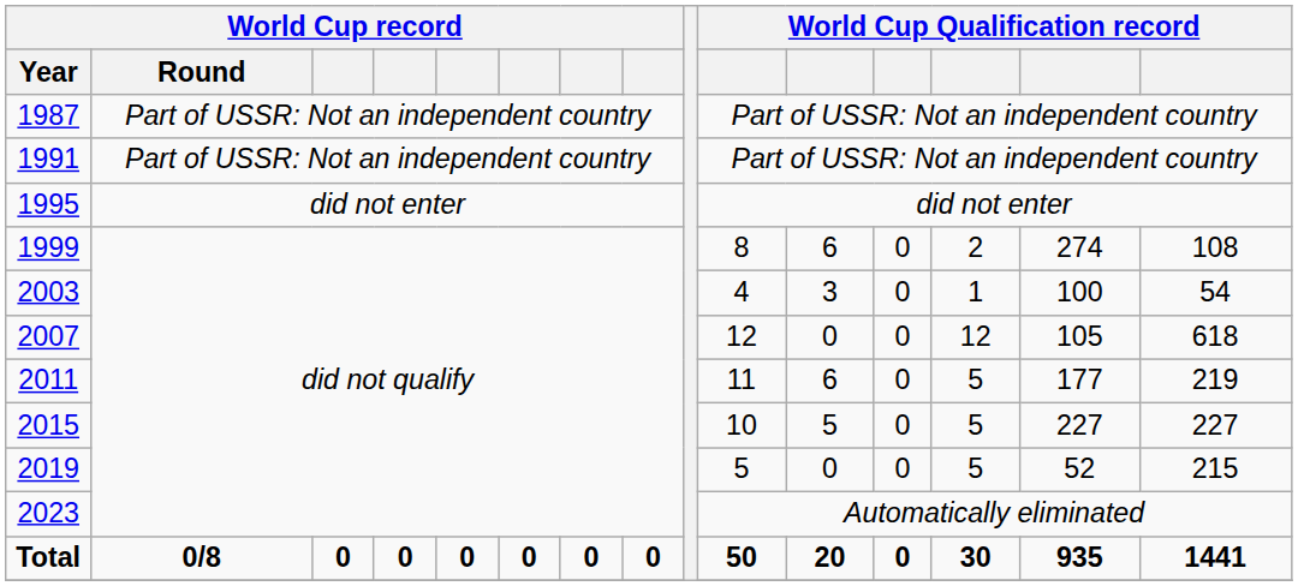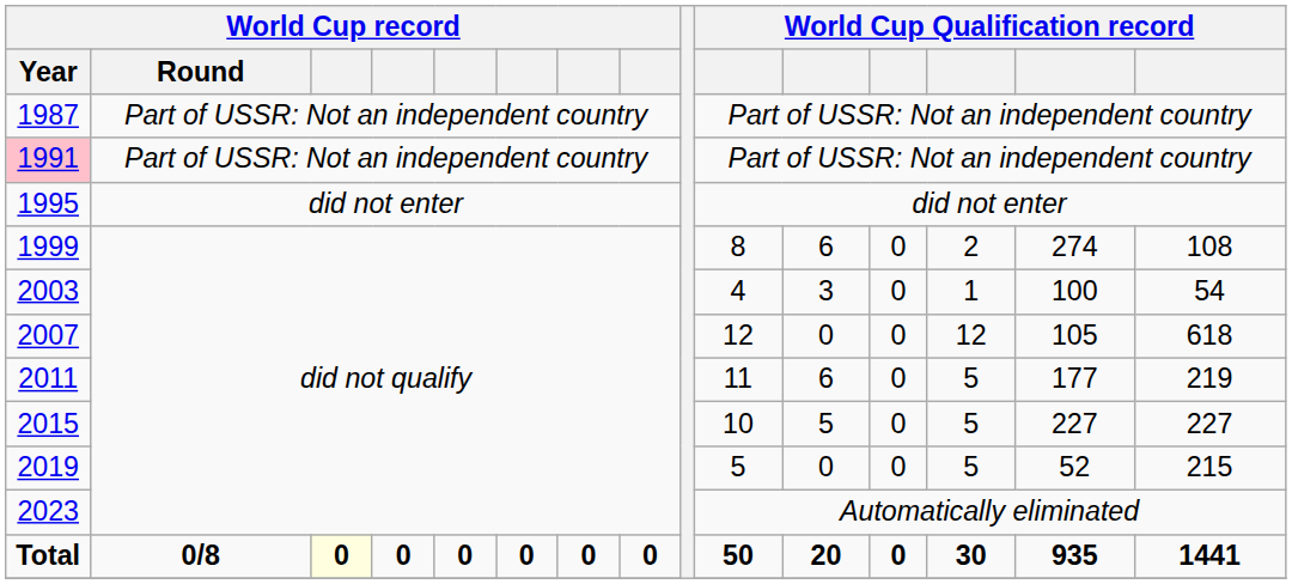 <table class="wikitable" style="text-align: center;">
 <tr>
 <th colspan=8><a href='#'>World Cup record</a></th>
 <th width=1% rowspan=25></th>
 <th colspan=6><a href='#'>World Cup Qualification record</a></th>
 </tr>
 <tr>
 <th>Year</th>
 <th>Round</th>
 <th></th>
 <th></th>
 <th></th>
 <th></th>
 <th></th>
 <th></th>
 <th></th>
 <th></th>
 <th></th>
 <th></th>
 <th></th>
 <th></th>
 </tr>
 <tr>
 <td> <a href='#'>1987</a></td>
 <td colspan=7><em>Part of USSR: Not an independent country</em></td>
 <td colspan=6><em>Part of USSR: Not an independent country</em></td>
 </tr>
 <tr>
-<td> <a href='#'>1991</a></td>
+<td style="background: pink;"> <a href='#'>1991</a></td>
 <td colspan=7><em>Part of USSR: Not an independent country</em></td>
 <td colspan=6><em>Part of USSR: Not an independent country</em></td>
 </tr>
 <tr>
 <td> <a href='#'>1995</a></td>
 <td colspan=7><em>did not enter</em></td>
 <td colspan=6><em>did not enter</em></td>
 </tr>
 <tr>
 <td> <a href='#'>1999</a></td>
 <td rowspan=7 colspan=7><em>did not qualify</em></td>
 <td>8</td>
 <td>6</td>
 <td>0</td>
 <td>2</td>
 <td>274</td>
 <td>108</td>
 </tr>
 <tr>
 <td> <a href='#'>2003</a></td>
 <td>4</td>
 <td>3</td>
 <td>0</td>
 <td>1</td>
 <td>100</td>
 <td>54</td>
 </tr>
 <tr>
 <td> <a href='#'>2007</a></td>
 <td>12</td>
 <td>0</td>
 <td>0</td>
 <td>12</td>
 <td>105</td>
 <td>618</td>
 </tr>
 <tr>
 <td> <a href='#'>2011</a></td>
 <td>11</td>
 <td>6</td>
 <td>0</td>
 <td>5</td>
 <td>177</td>
 <td>219</td>
 </tr>
 <tr>
 <td> <a href='#'>2015</a></td>
 <td>10</td>
 <td>5</td>
 <td>0</td>
 <td>5</td>
 <td>227</td>
 <td>227</td>
 </tr>
 <tr>
 <td> <a href='#'>2019</a></td>
 <td>5</td>
 <td>0</td>
 <td>0</td>
 <td>5</td>
 <td>52</td>
 <td>215</td>
 </tr>
 <tr>
 <td> <a href='#'>2023</a></td>
 <td colspan=6><em>Automatically eliminated</em></td>
 </tr>
 <tr>
 <td><strong>Total</strong></td>
 <td><strong>0/8</strong></td>
-<td><strong>0</strong></td>
+<td style="background: lightyellow;"><strong>0</strong></td>
 <td><strong>0</strong></td>
 <td><strong>0</strong></td>
 <td><strong>0</strong></td>
 <td><strong>0</strong></td>
 <td><strong>0</strong></td>
 <td><strong>50</strong></td>
 <td><strong>20</strong></td>
 <td><strong>0</strong></td>
 <td><strong>30</strong></td>
 <td><strong>935</strong></td>
 <td><strong>1441</strong></td>
 </tr>
 <tr>
 </tr>
 </table>
